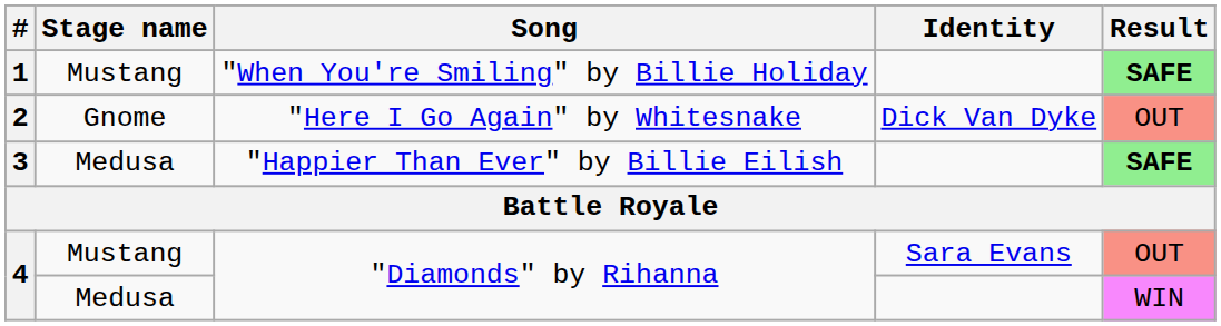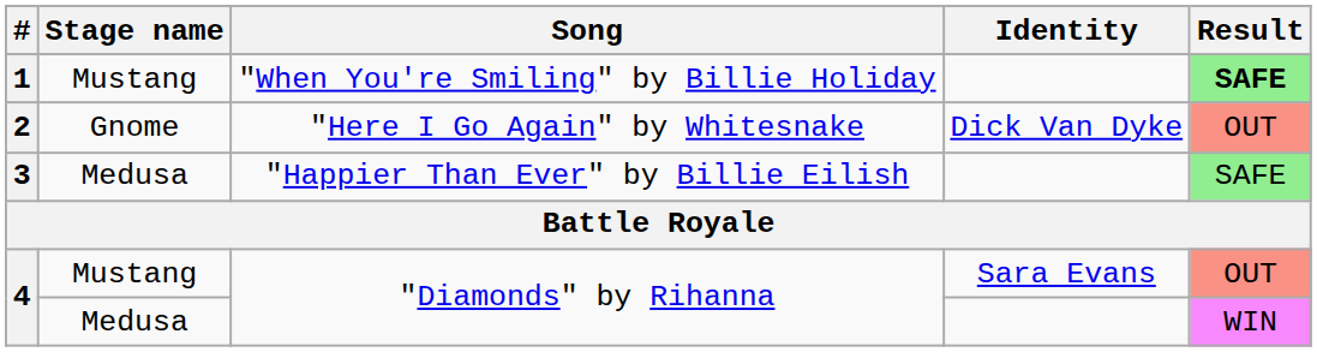 <table class="wikitable plainrowheaders" style="text-align: center;">
 <tr>
 <th>#</th>
 <th>Stage name</th>
 <th>Song</th>
 <th>Identity</th>
 <th>Result</th>
 </tr>
 <tr>
 <th>1</th>
 <td>Mustang</td>
 <td>"<a href='#'>When You're Smiling</a>" by <a href='#'>Billie Holiday</a></td>
 <td></td>
 <td bgcolor=lightgreen><strong>SAFE</strong></td>
 </tr>
 <tr>
 <th>2</th>
 <td>Gnome</td>
 <td>"<a href='#'>Here I Go Again</a>" by <a href='#'>Whitesnake</a></td>
 <td><a href='#'>Dick Van Dyke</a></td>
 <td bgcolor=#F99185>OUT</td>
 </tr>
 <tr>
 <th>3</th>
 <td>Medusa</td>
 <td>"<a href='#'>Happier Than Ever</a>" by <a href='#'>Billie Eilish</a></td>
 <td></td>
-<td bgcolor=lightgreen><strong>SAFE</strong></td>
+<td bgcolor=lightgreen>SAFE</td>
 </tr>
 <tr>
 <th colspan=5>Battle Royale</th>
 </tr>
 <tr>
 <th rowspan=2>4</th>
 <td>Mustang</td>
 <td rowspan=2>"<a href='#'>Diamonds</a>" by <a href='#'>Rihanna</a></td>
 <td><a href='#'>Sara Evans</a></td>
 <td bgcolor=#F99185>OUT</td>
 </tr>
 <tr>
 <td>Medusa</td>
 <td></td>
 <td bgcolor="#F888FD">WIN</td>
 </tr>
 </table>
